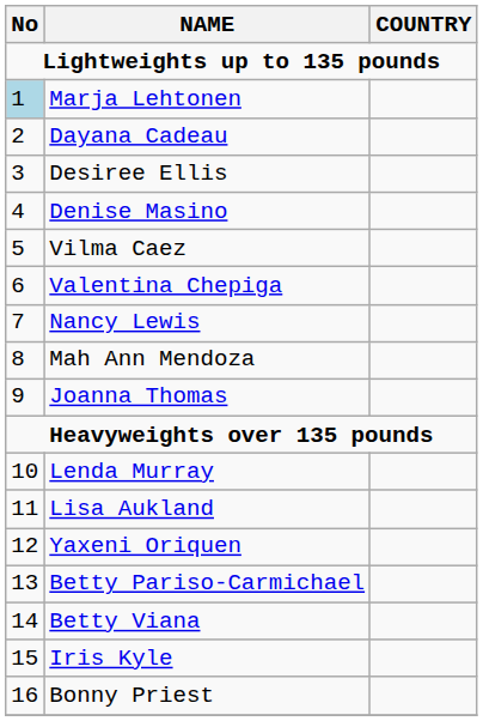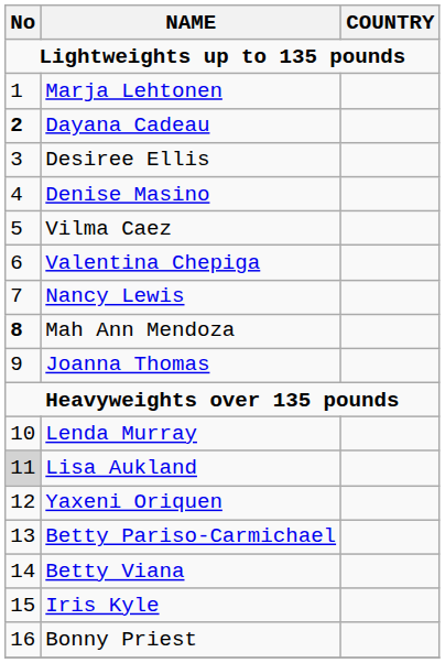 <table class="wikitable">
 <tr>
 <th>No</th>
 <th>NAME</th>
 <th>COUNTRY</th>
 </tr>
 <tr>
 <td rowspan=1 colspan=9 align="center"><strong>Lightweights up to 135 pounds</strong></td>
 </tr>
 <tr>
-<td style="background: lightblue;">1</td>
+<td>1</td>
 <td><a href='#'>Marja Lehtonen</a></td>
 <td></td>
 </tr>
 <tr>
-<td>2</td>
+<td><strong>2</strong></td>
 <td><a href='#'>Dayana Cadeau</a></td>
 <td></td>
 </tr>
 <tr>
 <td>3</td>
 <td>Desiree Ellis</td>
 <td></td>
 </tr>
 <tr>
 <td>4</td>
 <td><a href='#'>Denise Masino</a></td>
 <td></td>
 </tr>
 <tr>
 <td>5</td>
 <td>Vilma Caez</td>
 <td></td>
 </tr>
 <tr>
 <td>6</td>
 <td><a href='#'>Valentina Chepiga</a></td>
 <td></td>
 </tr>
 <tr>
 <td>7</td>
 <td><a href='#'>Nancy Lewis</a></td>
 <td></td>
 </tr>
 <tr>
-<td>8</td>
+<td><strong>8</strong></td>
 <td>Mah Ann Mendoza</td>
 <td></td>
 </tr>
 <tr>
 <td>9</td>
 <td><a href='#'>Joanna Thomas</a></td>
 <td></td>
 </tr>
 <tr>
 <td rowspan=1 colspan=9 align="center"><strong>Heavyweights over 135 pounds</strong></td>
 </tr>
 <tr>
 <td>10</td>
 <td><a href='#'>Lenda Murray</a></td>
 <td></td>
 </tr>
 <tr>
-<td>11</td>
+<td style="background: lightgrey;">11</td>
 <td><a href='#'>Lisa Aukland</a></td>
 <td></td>
 </tr>
 <tr>
 <td>12</td>
 <td><a href='#'>Yaxeni Oriquen</a></td>
 <td></td>
 </tr>
 <tr>
 <td>13</td>
 <td><a href='#'>Betty Pariso-Carmichael</a></td>
 <td></td>
 </tr>
 <tr>
 <td>14</td>
 <td><a href='#'>Betty Viana</a></td>
 <td></td>
 </tr>
 <tr>
 <td>15</td>
 <td><a href='#'>Iris Kyle</a></td>
 <td></td>
 </tr>
 <tr>
 <td>16</td>
 <td>Bonny Priest</td>
 <td></td>
 </tr>
 <tr>
 </tr>
 </table>
